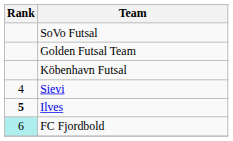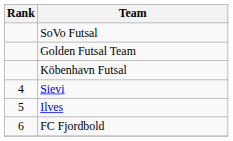 <table class="wikitable" style="text-align:center;">
 <tr>
 <th width=20>Rank</th>
 <th width=250>Team</th>
 </tr>
 <tr>
 <td></td>
 <td style="text-align:left;"> SoVo Futsal</td>
 </tr>
 <tr>
 <td></td>
 <td style="text-align:left;"> Golden Futsal Team</td>
 </tr>
 <tr>
 <td></td>
 <td style="text-align:left;"> Köbenhavn Futsal</td>
 </tr>
 <tr>
 <td>4</td>
 <td style="text-align:left;"> <a href='#'>Sievi</a></td>
 </tr>
 <tr>
-<td><strong>5</strong></td>
+<td>5</td>
 <td style="text-align:left;"> <a href='#'>Ilves</a></td>
 </tr>
 <tr>
-<td style="background: paleturquoise;">6</td>
+<td>6</td>
 <td style="text-align:left;"> FC Fjordbold</td>
 </tr>
 <tr>
 </tr>
 </table>
